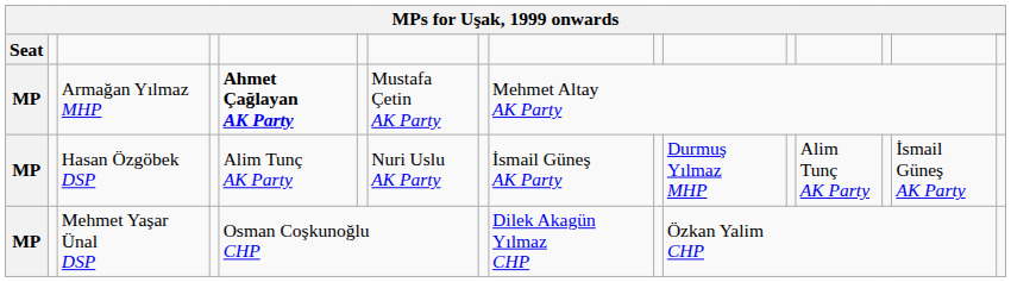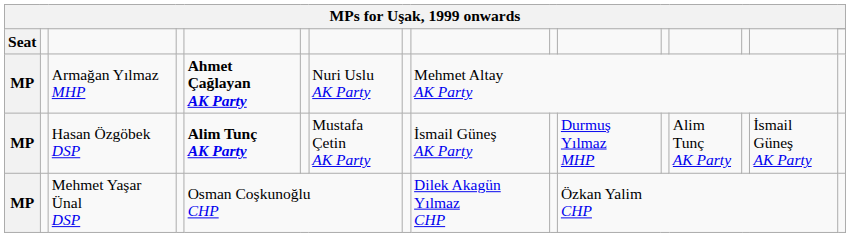 <table class="wikitable">
 <tr>
 <th colspan = 16>MPs for Uşak, 1999 onwards</th>
 </tr>
 <tr>
 <th rowspan = 2>Seat</th>
 <td rowspan="2" style="width:1px;"></td>
 <td rowspan = 2></td>
 <td rowspan="2" style="width:1px;"></td>
 <td rowspan = 2></td>
 <td rowspan="2" style="width:1px;"></td>
 <td rowspan = 2></td>
 <td rowspan="2" style="width:1px;"></td>
 <td rowspan = 2></td>
 <td rowspan="2" style="width:1px;"></td>
 <td rowspan = 2></td>
 <td rowspan="2" style="width:1px;"></td>
 <td rowspan = 2></td>
 <td rowspan="2" style="width:1px;"></td>
 <td rowspan = 2></td>
 </tr>
 <tr>
 <td></td>
 </tr>
 <tr>
 <th>MP</th>
 <td width=1px style="background-color: "></td>
 <td colspan = 1>Armağan Yılmaz<br><em><a href='#'>MHP</a></em></td>
 <td width=1px style="background-color: "></td>
 <td colspan = 1><strong>Ahmet Çağlayan<br><em><a href='#'>AK Party</a></em></strong></td>
 <td width=1px style="background-color: "></td>
-<td colspan = 1>Mustafa Çetin<br><em><a href='#'>AK Party</a></em></td>
+<td colspan = 1>Nuri Uslu<br><em><a href='#'>AK Party</a></em></td>
 <td width=1px style="background-color: "></td>
 <td colspan = 7>Mehmet Altay<br><em><a href='#'>AK Party</a></em></td>
 <td width=1px style="background-color: "></td>
 </tr>
 <tr>
 <th>MP</th>
 <td width=1px style="background-color: "></td>
 <td colspan = 1>Hasan Özgöbek<br><em><a href='#'>DSP</a></em></td>
 <td width=1px style="background-color: "></td>
-<td colspan = 1>Alim Tunç<br><em><a href='#'>AK Party</a></em></td>
+<td colspan = 1><strong>Alim Tunç<br><em><a href='#'>AK Party</a></em></strong></td>
 <td width=1px style="background-color: "></td>
-<td colspan = 1>Nuri Uslu<br><em><a href='#'>AK Party</a></em></td>
+<td colspan = 1>Mustafa Çetin<br><em><a href='#'>AK Party</a></em></td>
 <td width=1px style="background-color: "></td>
 <td colspan = 1>İsmail Güneş<br><em><a href='#'>AK Party</a></em></td>
 <td width=1px style="background-color: "></td>
 <td colspan = 1><a href='#'>Durmuş Yılmaz</a><br><em><a href='#'>MHP</a></em></td>
 <td width=1px style="background-color: "></td>
 <td colspan = 1>Alim Tunç<br><em><a href='#'>AK Party</a></em></td>
 <td width=1px style="background-color: "></td>
 <td colspan = 1>İsmail Güneş<br><em><a href='#'>AK Party</a></em></td>
 <td width=1px style="background-color: "></td>
 </tr>
 <tr>
 <th>MP</th>
 <td width=1px style="background-color: "></td>
 <td colspan = 1>Mehmet Yaşar Ünal<br><em><a href='#'>DSP</a></em></td>
 <td width=1px style="background-color: "></td>
 <td colspan = 3>Osman Coşkunoğlu<br><em><a href='#'>CHP</a></em></td>
 <td width=1px style="background-color: "></td>
 <td colspan = 1><a href='#'>Dilek Akagün Yılmaz</a><br><em><a href='#'>CHP</a></em></td>
 <td width=1px style="background-color: "></td>
 <td colspan = 5>Özkan Yalim<br><em><a href='#'>CHP</a></em></td>
 <td width=1px style="background-color: "></td>
 </tr>
 </table>
